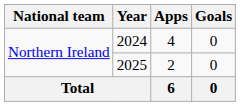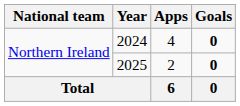 <table class=wikitable style=text-align:center>
 <tr>
 <th>National team</th>
 <th>Year</th>
 <th>Apps</th>
 <th>Goals</th>
 </tr>
 <tr>
 <td rowspan=2><a href='#'>Northern Ireland</a></td>
 <td>2024</td>
 <td>4</td>
-<td>0</td>
+<td><strong>0</strong></td>
 </tr>
 <tr>
 <td>2025</td>
 <td>2</td>
-<td>0</td>
+<td><strong>0</strong></td>
 </tr>
 <tr>
 <th colspan=2>Total</th>
 <th>6</th>
 <th>0</th>
 </tr>
 </table>
